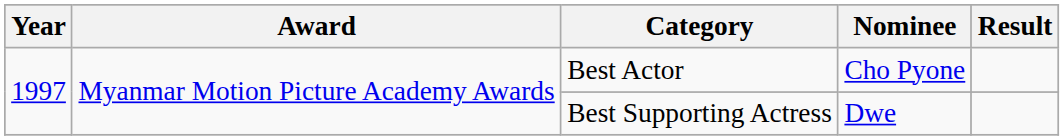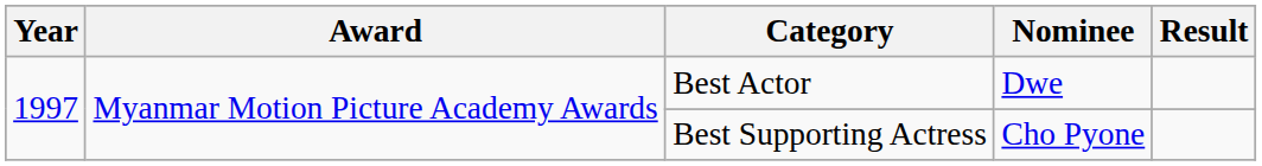 <table class="wikitable">
 <tr>
 <th>Year</th>
 <th>Award</th>
 <th>Category</th>
 <th>Nominee</th>
 <th>Result</th>
 </tr>
 <tr>
 <td scope="row" rowspan="2"><a href='#'>1997</a></td>
 <td scope="row" rowspan="2"><a href='#'>Myanmar Motion Picture Academy Awards</a></td>
 <td>Best Actor</td>
-<td><a href='#'>Cho Pyone</a></td>
+<td><a href='#'>Dwe</a></td>
 <td></td>
 </tr>
 <tr>
 <td>Best Supporting Actress</td>
-<td><a href='#'>Dwe</a></td>
+<td><a href='#'>Cho Pyone</a></td>
 <td></td>
 </tr>
 </table>
